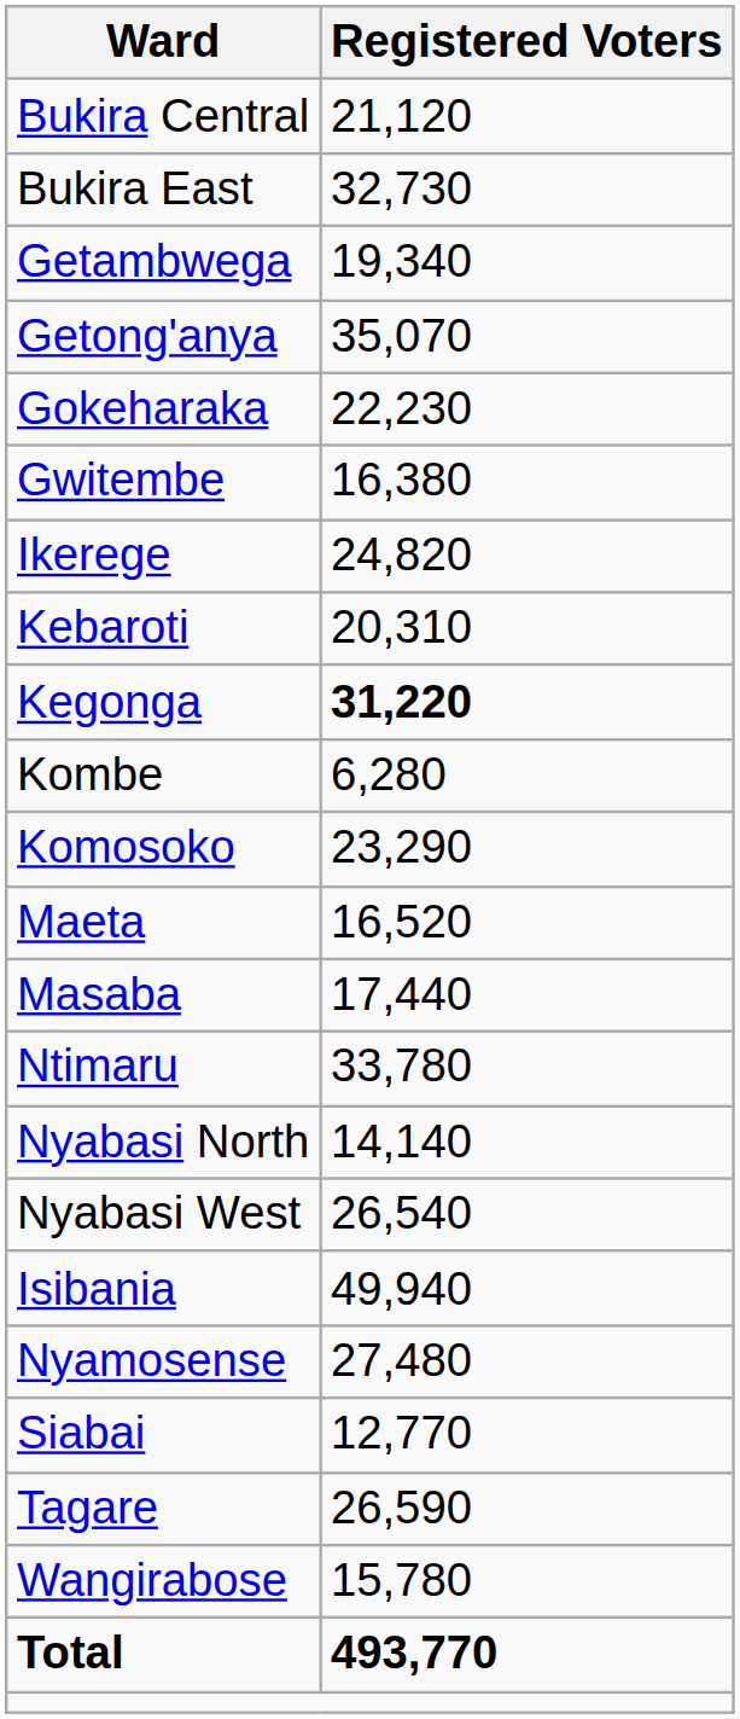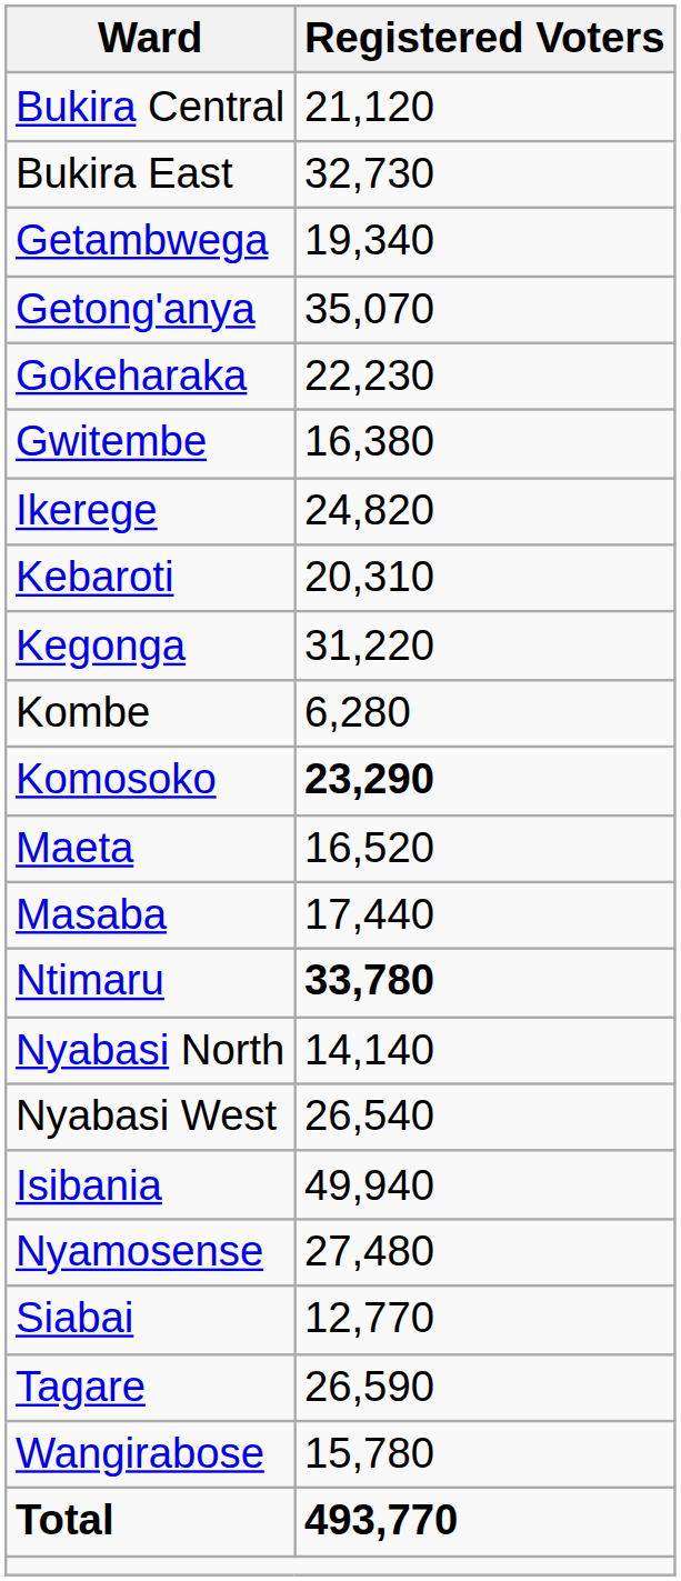 <table class="wikitable">
 <tr>
 <th>Ward</th>
 <th>Registered Voters</th>
 </tr>
 <tr>
 <td><a href='#'>Bukira</a> Central</td>
 <td>21,120</td>
 </tr>
 <tr>
 <td>Bukira East</td>
 <td>32,730</td>
 </tr>
 <tr>
 <td><a href='#'>Getambwega</a></td>
 <td>19,340</td>
 </tr>
 <tr>
 <td><a href='#'>Getong'anya</a></td>
 <td>35,070</td>
 </tr>
 <tr>
 <td><a href='#'>Gokeharaka</a></td>
 <td>22,230</td>
 </tr>
 <tr>
 <td><a href='#'>Gwitembe</a></td>
 <td>16,380</td>
 </tr>
 <tr>
 <td><a href='#'>Ikerege</a></td>
 <td>24,820</td>
 </tr>
 <tr>
 <td><a href='#'>Kebaroti</a></td>
 <td>20,310</td>
 </tr>
 <tr>
 <td><a href='#'>Kegonga</a></td>
-<td><strong>31,220</strong></td>
+<td>31,220</td>
 </tr>
 <tr>
 <td>Kombe</td>
 <td>6,280</td>
 </tr>
 <tr>
 <td><a href='#'>Komosoko</a></td>
-<td>23,290</td>
+<td><strong>23,290</strong></td>
 </tr>
 <tr>
 <td><a href='#'>Maeta</a></td>
 <td>16,520</td>
 </tr>
 <tr>
 <td><a href='#'>Masaba</a></td>
 <td>17,440</td>
 </tr>
 <tr>
 <td><a href='#'>Ntimaru</a></td>
-<td>33,780</td>
+<td><strong>33,780</strong></td>
 </tr>
 <tr>
 <td><a href='#'>Nyabasi</a> North</td>
 <td>14,140</td>
 </tr>
 <tr>
 <td>Nyabasi West</td>
 <td>26,540</td>
 </tr>
 <tr>
 <td><a href='#'>Isibania</a></td>
 <td>49,940</td>
 </tr>
 <tr>
 <td><a href='#'>Nyamosense</a></td>
 <td>27,480</td>
 </tr>
 <tr>
 <td><a href='#'>Siabai</a></td>
 <td>12,770</td>
 </tr>
 <tr>
 <td><a href='#'>Tagare</a></td>
 <td>26,590</td>
 </tr>
 <tr>
 <td><a href='#'>Wangirabose</a></td>
 <td>15,780</td>
 </tr>
 <tr>
 <td><strong>Total</strong></td>
 <td><strong>493,770</strong></td>
 </tr>
 <tr>
 <td colspan="2"></td>
 </tr>
 </table>
